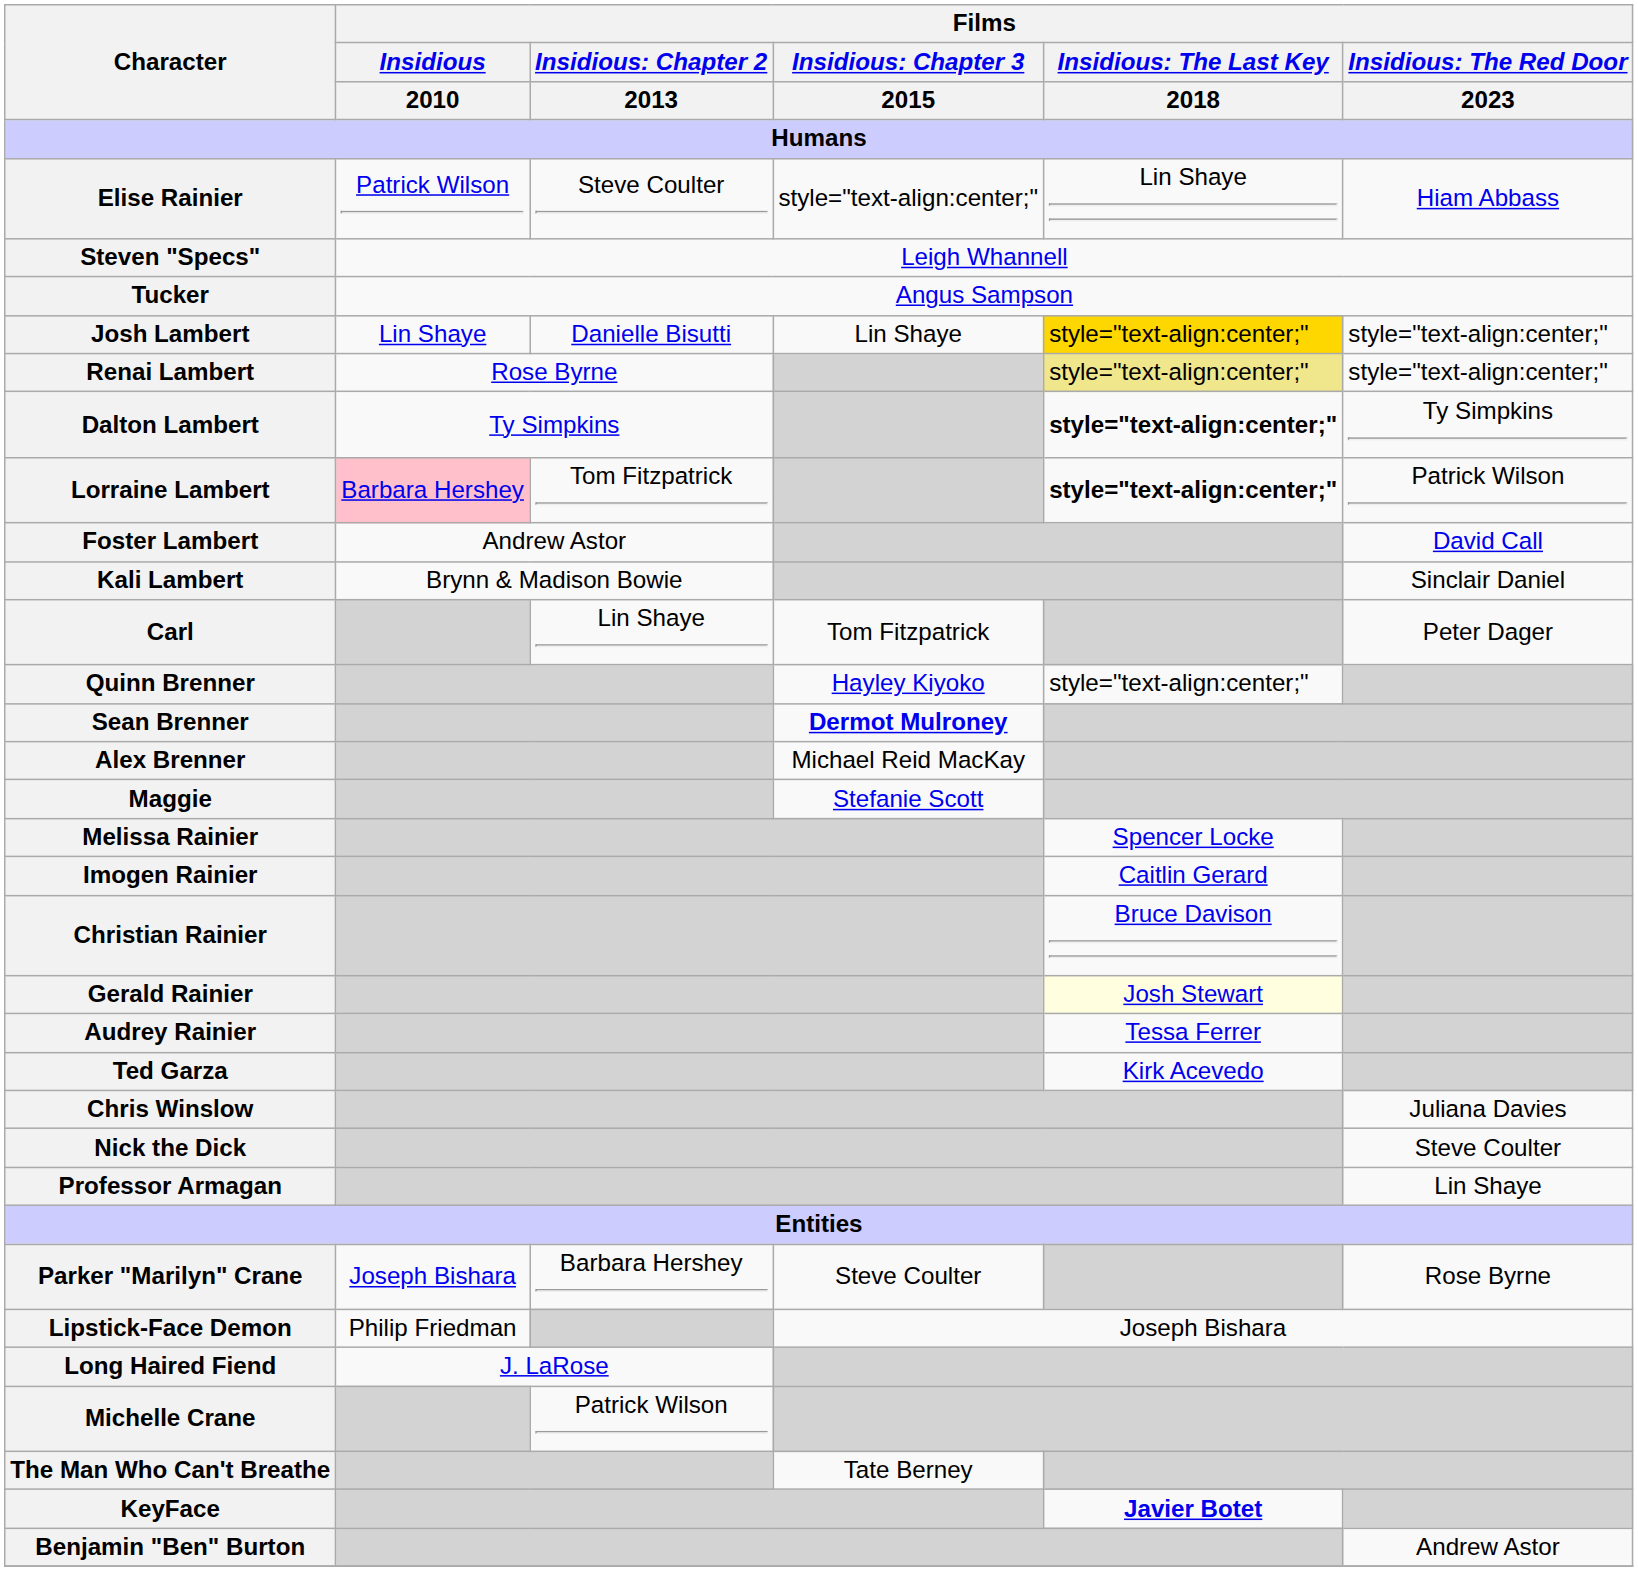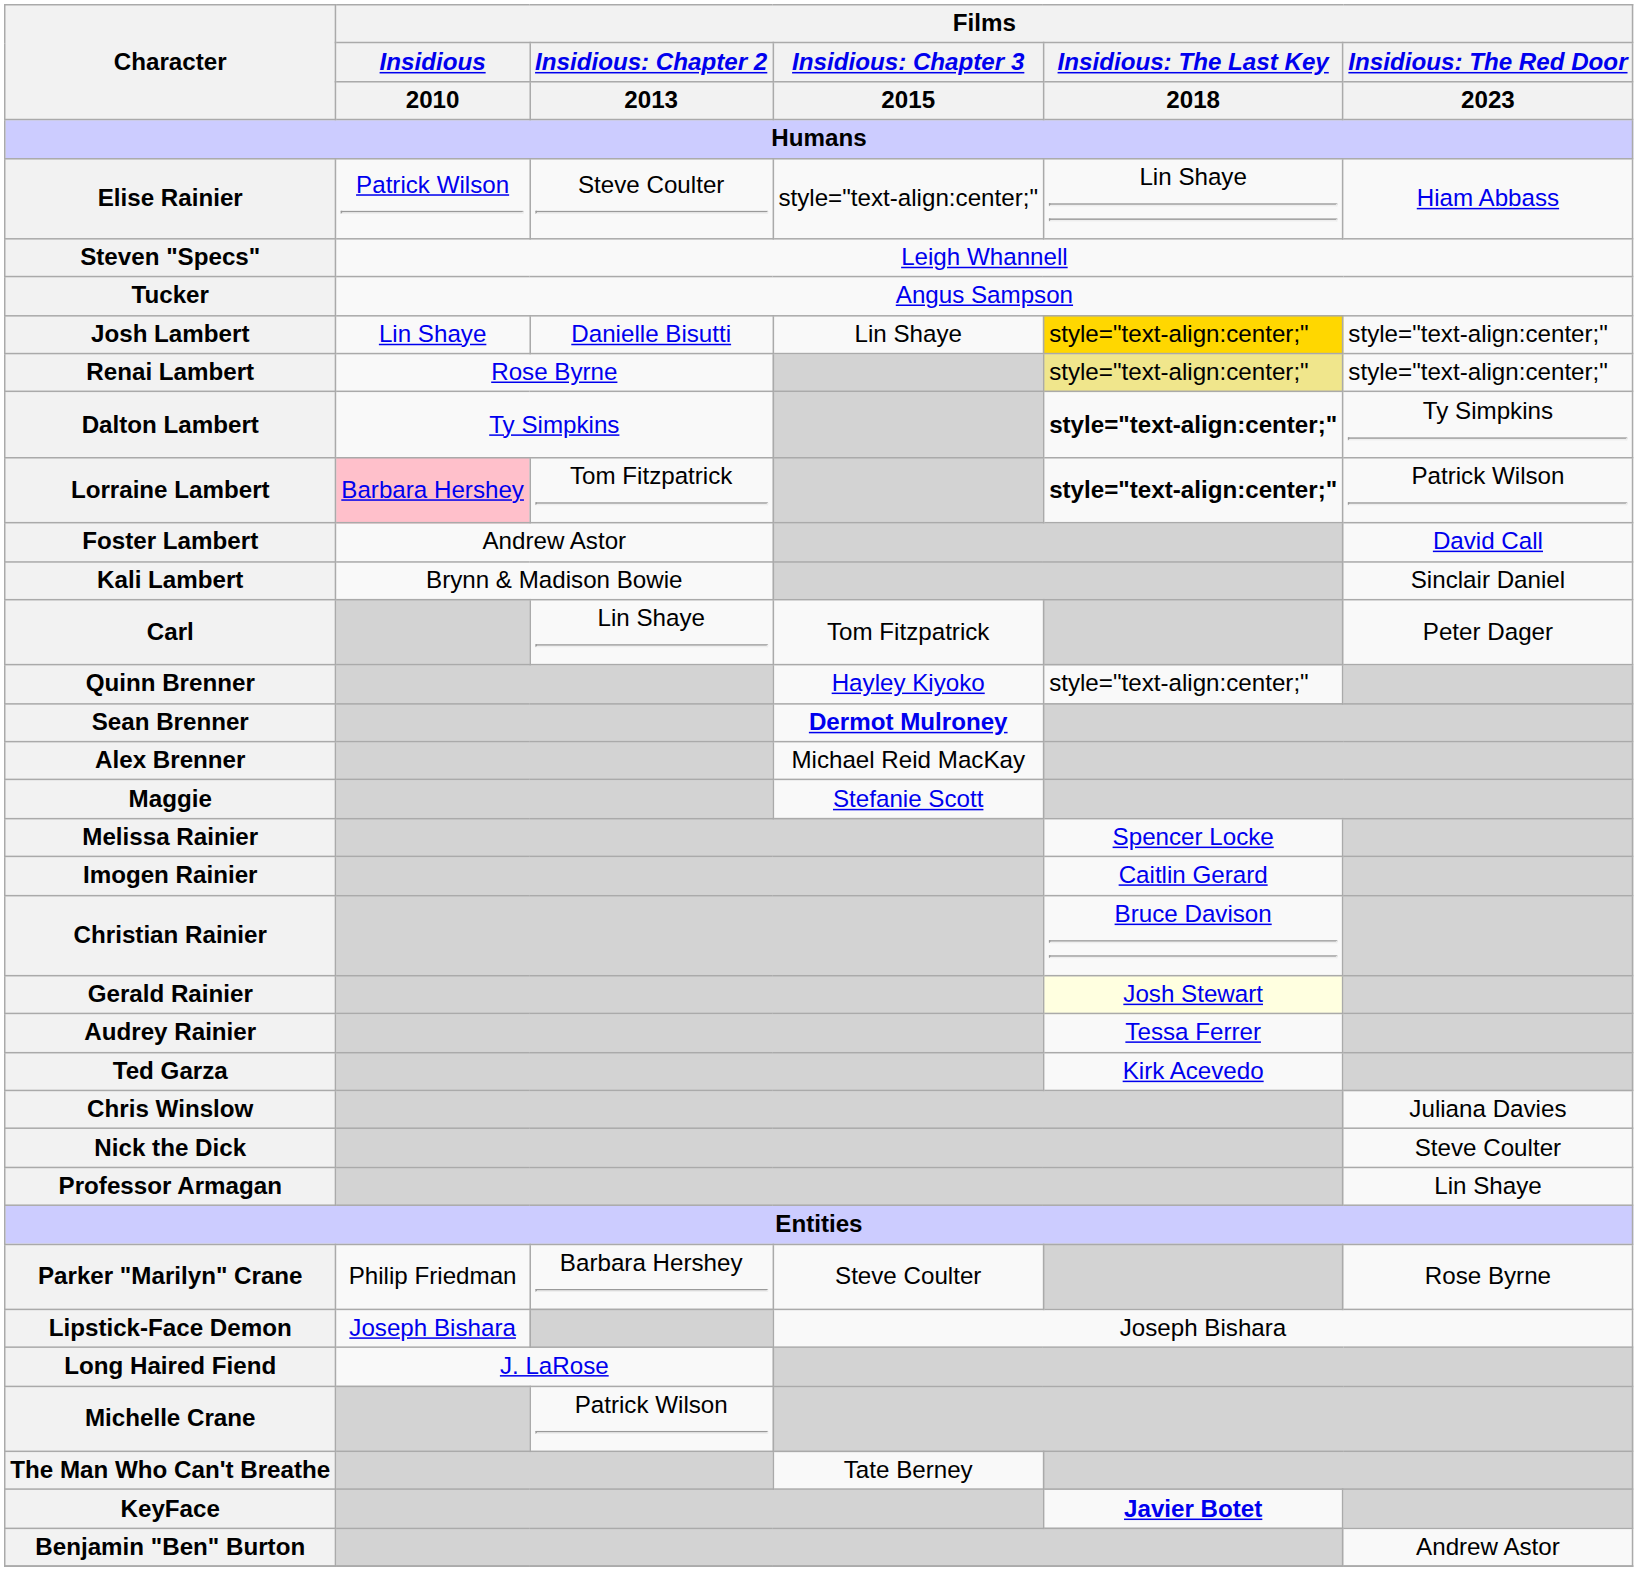 <table class="wikitable" text-align:center;">
 <tr>
 <th rowspan="3">Character</th>
 <th colspan="5">Films</th>
 </tr>
 <tr>
 <th><em><a href='#'>Insidious</a></em></th>
 <th><em><a href='#'>Insidious: Chapter 2</a></em></th>
 <th><em><a href='#'>Insidious: Chapter 3</a></em></th>
 <th><em><a href='#'>Insidious: The Last Key</a></em></th>
 <th><em><a href='#'>Insidious: The Red Door</a></em></th>
 </tr>
 <tr>
 <th>2010</th>
 <th>2013</th>
 <th>2015</th>
 <th>2018</th>
 <th>2023</th>
 </tr>
 <tr>
 <th style="background-color:#ccccff; text-align:center;" colspan="6">Humans</th>
 </tr>
 <tr>
 <th>Elise Rainier</th>
 <td style="text-align:center;"><a href='#'>Patrick Wilson</a><hr> </td>
 <td style="text-align:center;">Steve Coulter<hr></td>
 <td>style="text-align:center;" </td>
 <td style="text-align:center;">Lin Shaye<hr><hr></td>
 <td style="text-align:center;"><a href='#'>Hiam Abbass</a></td>
 </tr>
 <tr>
 <th>Steven "Specs"</th>
 <td colspan="5" style="text-align:center;"><a href='#'>Leigh Whannell</a></td>
 </tr>
 <tr>
 <th>Tucker</th>
 <td colspan="5" style="text-align:center;"><a href='#'>Angus Sampson</a></td>
 </tr>
 <tr>
 <th>Josh Lambert</th>
 <td style="text-align:center;"><a href='#'>Lin Shaye</a></td>
 <td style="text-align:center;"><a href='#'>Danielle Bisutti</a></td>
 <td style="text-align:center;">Lin Shaye</td>
 <td style="background: gold;">style="text-align:center;" </td>
 <td>style="text-align:center;" </td>
 </tr>
 <tr>
 <th>Renai Lambert</th>
 <td colspan="2" style="text-align:center;"><a href='#'>Rose Byrne</a></td>
 <td style="background:lightgrey;"></td>
 <td style="background: khaki;">style="text-align:center;" </td>
 <td>style="text-align:center;" </td>
 </tr>
 <tr>
 <th>Dalton Lambert</th>
 <td colspan="2" style="text-align:center;"><a href='#'>Ty Simpkins</a></td>
 <td style="background:lightgrey;"></td>
 <td><strong>style="text-align:center;" </strong></td>
 <td style="text-align:center;">Ty Simpkins<hr></td>
 </tr>
 <tr>
 <th>Lorraine Lambert</th>
 <td style="background: pink; text-align:center;"><a href='#'>Barbara Hershey</a></td>
 <td style="text-align:center;">Tom Fitzpatrick<hr></td>
 <td style="background:lightgrey;"></td>
 <td><strong>style="text-align:center;" </strong></td>
 <td style="text-align:center;">Patrick Wilson<hr> </td>
 </tr>
 <tr>
 <th>Foster Lambert</th>
 <td colspan="2" style="text-align:center;">Andrew Astor</td>
 <td colspan="2" style="background:lightgrey;"></td>
 <td style="text-align:center;"><a href='#'>David Call</a></td>
 </tr>
 <tr>
 <th>Kali Lambert</th>
 <td colspan="2" style="text-align:center;">Brynn & Madison Bowie</td>
 <td colspan="2" style="background:lightgrey;"></td>
 <td style="text-align:center;">Sinclair Daniel</td>
 </tr>
 <tr>
 <th>Carl</th>
 <td style="background:lightgrey;"></td>
 <td style="text-align:center;">Lin Shaye<hr> </td>
 <td style="text-align:center;">Tom Fitzpatrick</td>
 <td style="background:lightgrey;"></td>
 <td style="text-align:center;">Peter Dager</td>
 </tr>
 <tr>
 <th>Quinn Brenner</th>
 <td colspan="2" style="background:lightgrey;"></td>
 <td style="text-align:center;"><a href='#'>Hayley Kiyoko</a></td>
 <td>style="text-align:center;" </td>
 <td style="background:lightgrey;"></td>
 </tr>
 <tr>
 <th>Sean Brenner</th>
 <td colspan="2" style="background:lightgrey;"></td>
 <td style="text-align:center;"><strong><a href='#'>Dermot Mulroney</a></strong></td>
 <td colspan="2" style="background:lightgrey;"></td>
 </tr>
 <tr>
 <th>Alex Brenner</th>
 <td colspan="2" style="background:lightgrey;"></td>
 <td style="text-align:center;">Michael Reid MacKay</td>
 <td colspan="2" style="background:lightgrey;"></td>
 </tr>
 <tr>
 <th>Maggie</th>
 <td colspan="2" style="background:lightgrey;"></td>
 <td style="text-align:center;"><a href='#'>Stefanie Scott</a></td>
 <td colspan="2" style="background:lightgrey;"></td>
 </tr>
 <tr>
 <th>Melissa Rainier</th>
 <td colspan="3" style="background:lightgrey;"></td>
 <td style="text-align:center;"><a href='#'>Spencer Locke</a></td>
 <td style="background:lightgrey;"></td>
 </tr>
 <tr>
 <th>Imogen Rainier</th>
 <td colspan="3" style="background:lightgrey;"></td>
 <td style="text-align:center;"><a href='#'>Caitlin Gerard</a></td>
 <td style="background:lightgrey;"></td>
 </tr>
 <tr>
 <th>Christian Rainier</th>
 <td colspan="3" style="background:lightgrey;"></td>
 <td style="text-align:center;"><a href='#'>Bruce Davison</a><hr><hr></td>
 <td style="background:lightgrey;"></td>
 </tr>
 <tr>
 <th>Gerald Rainier</th>
 <td colspan="3" style="background:lightgrey;"></td>
 <td style="background: lightyellow; Text-align:center;"><a href='#'>Josh Stewart</a></td>
 <td style="background:lightgrey;"></td>
 </tr>
 <tr>
 <th>Audrey Rainier</th>
 <td colspan="3" style="background:lightgrey;"></td>
 <td style="Text-align:center;"><a href='#'>Tessa Ferrer</a></td>
 <td style="background:lightgrey;"></td>
 </tr>
 <tr>
 <th>Ted Garza</th>
 <td colspan="3" style="background:lightgrey;"></td>
 <td style="Text-align:center;"><a href='#'>Kirk Acevedo</a></td>
 <td style="background:lightgrey;"></td>
 </tr>
 <tr>
 <th>Chris Winslow</th>
 <td colspan="4" style="background:lightgrey;"></td>
 <td style="text-align:center;">Juliana Davies</td>
 </tr>
 <tr>
 <th>Nick the Dick</th>
 <td colspan="4" style="background:lightgrey;"></td>
 <td style="text-align:center;">Steve Coulter</td>
 </tr>
 <tr>
 <th>Professor Armagan</th>
 <td colspan="4" style="background:lightgrey;"></td>
 <td style="text-align:center;">Lin Shaye</td>
 </tr>
 <tr>
 <th style="background-color:#ccccff; text-align:center;" colspan="6">Entities</th>
 </tr>
 <tr>
 <th>Parker "Marilyn" Crane<br></th>
-<td style="text-align:center;"><a href='#'>Joseph Bishara</a></td>
+<td style="text-align:center;">Philip Friedman</td>
 <td style="text-align:center;">Barbara Hershey<hr></td>
 <td style="text-align:center;">Steve Coulter</td>
 <td colspan="1" style="background:lightgrey;"></td>
 <td style="text-align:center;">Rose Byrne</td>
 </tr>
 <tr>
 <th>Lipstick-Face Demon</th>
-<td style="text-align:center;">Philip Friedman</td>
+<td style="text-align:center;"><a href='#'>Joseph Bishara</a></td>
 <td style="background:lightgrey;"></td>
 <td colspan="5" style="text-align:center;">Joseph Bishara</td>
 </tr>
 <tr>
 <th>Long Haired Fiend</th>
 <td colspan="2" style="text-align:center;"><a href='#'>J. LaRose</a></td>
 <td colspan="3" style="background:lightgrey;"></td>
 </tr>
 <tr>
 <th>Michelle Crane<br></th>
 <td style="background:lightgrey;"></td>
 <td style="text-align:center;">Patrick Wilson<hr> </td>
 <td colspan="3" style="background:lightgrey;"></td>
 </tr>
 <tr>
 <th>The Man Who Can't Breathe</th>
 <td colspan="2" style="background:lightgrey;"></td>
 <td style="text-align:center;">Tate Berney</td>
 <td colspan="2" style="background:lightgrey;"></td>
 </tr>
 <tr>
 <th>KeyFace</th>
 <td colspan="3" style="background:lightgrey;"></td>
 <td style="text-align:center;"><strong><a href='#'>Javier Botet</a></strong></td>
 <td style="background:lightgrey;"></td>
 </tr>
 <tr>
 <th>Benjamin "Ben" Burton<br></th>
 <td colspan="4" style="background:lightgrey;"></td>
 <td style="text-align:center;">Andrew Astor</td>
 </tr>
 <tr>
 </tr>
 </table>
